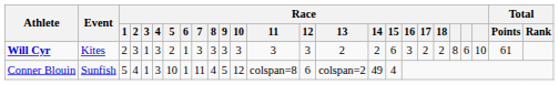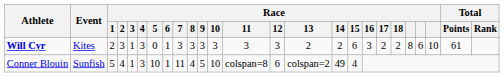 <table class=wikitable style=font-size:90%;text-align:center>
 <tr>
 <th rowspan=2>Athlete</th>
 <th rowspan=2>Event</th>
 <th colspan=21>Race</th>
 <th colspan=2>Total</th>
 </tr>
 <tr style=font-size:95%>
 <th>1</th>
 <th>2</th>
 <th>3</th>
 <th>4</th>
 <th>5</th>
 <th>6</th>
 <th>7</th>
 <th>8</th>
 <th>9</th>
 <th>10</th>
 <th>11</th>
 <th>12</th>
 <th>13</th>
 <th>14</th>
 <th>15</th>
 <th>16</th>
 <th>17</th>
 <th>18</th>
 <th></th>
 <th></th>
 <th></th>
 <th>Points</th>
 <th>Rank</th>
 </tr>
 <tr>
 <td align=left><strong><a href='#'>Will Cyr</a></strong></td>
 <td align=left><a href='#'>Kites</a></td>
 <td>2</td>
 <td>3</td>
 <td>1</td>
 <td>3<br></td>
-<td>2</td>
+<td>0</td>
 <td>1</td>
 <td>3</td>
 <td>3</td>
 <td>3</td>
 <td>3</td>
 <td>3</td>
 <td>3</td>
 <td>2</td>
 <td>2</td>
 <td>6</td>
 <td>3</td>
 <td>2</td>
 <td>2</td>
 <td>8<br></td>
 <td>6</td>
 <td>10</td>
 <td>61</td>
 <td></td>
 </tr>
 <tr>
 <td align=left><a href='#'>Conner Blouin</a></td>
 <td align=left><a href='#'>Sunfish</a></td>
 <td>5</td>
 <td>4</td>
 <td>1</td>
 <td>3</td>
 <td>10</td>
 <td>1</td>
 <td>11</td>
 <td>4</td>
 <td>5</td>
-<td>12</td>
+<td>10</td>
 <td>colspan=8 </td>
 <td>6</td>
 <td>colspan=2 </td>
 <td>49</td>
 <td>4</td>
 </tr>
 </table>
